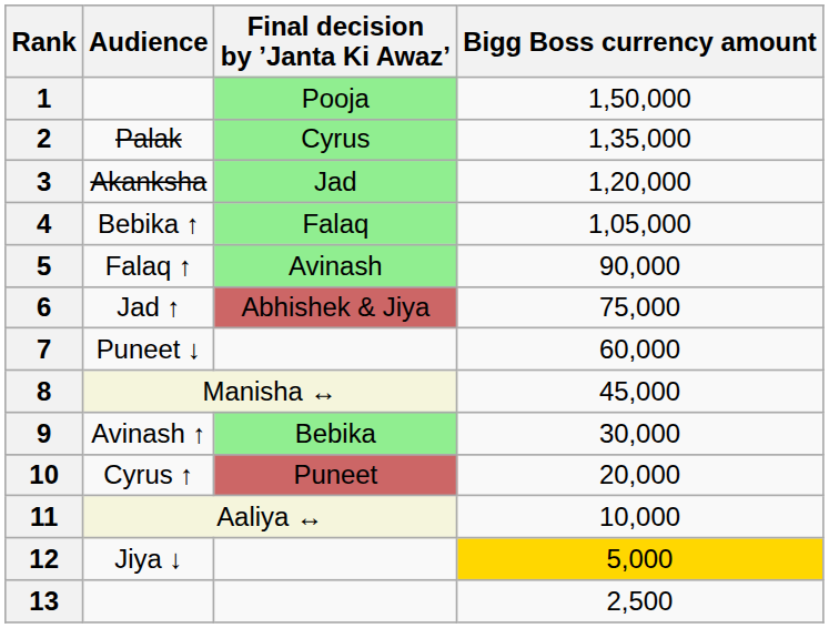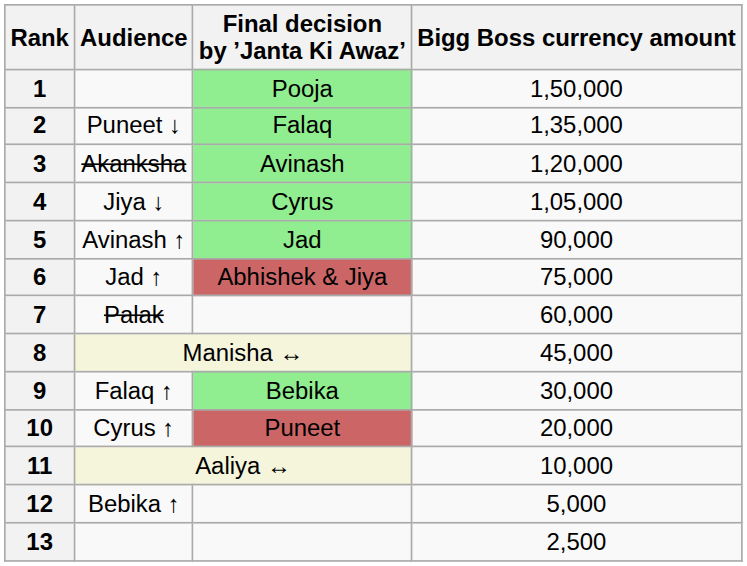 <table class="wikitable" style="text-align:center; font-size:90%;">
 <tr>
 <th>Rank</th>
 <th>Audience</th>
 <th>Final decision<br>by ’Janta Ki Awaz’</th>
 <th>Bigg Boss currency amount</th>
 </tr>
 <tr>
 <th>1</th>
 <td></td>
 <td style="background: lightgreen;">Pooja</td>
 <td>1,50,000</td>
 </tr>
 <tr>
 <th>2</th>
-<td><s>Palak</s></td>
-<td style="background:lightgreen;">Cyrus</td>
+<td>Puneet ↓</td>
+<td style="background:lightgreen;">Falaq</td>
 <td>1,35,000</td>
 </tr>
 <tr>
 <th>3</th>
 <td><s>Akanksha</s></td>
-<td style="background:lightgreen;">Jad</td>
+<td style="background:lightgreen;">Avinash</td>
 <td>1,20,000</td>
 </tr>
 <tr>
 <th>4</th>
-<td>Bebika ↑</td>
-<td style="background:lightgreen;">Falaq</td>
+<td>Jiya ↓</td>
+<td style="background:lightgreen;">Cyrus</td>
 <td>1,05,000</td>
 </tr>
 <tr>
 <th>5</th>
-<td>Falaq ↑</td>
-<td style="background:lightgreen;">Avinash</td>
+<td>Avinash ↑</td>
+<td style="background:lightgreen;">Jad</td>
 <td>90,000</td>
 </tr>
 <tr>
 <th>6</th>
 <td>Jad ↑</td>
 <td style="background:#CC6666;">Abhishek & Jiya</td>
 <td>75,000</td>
 </tr>
 <tr>
 <th>7</th>
-<td>Puneet ↓</td>
+<td><s>Palak</s></td>
 <td></td>
 <td>60,000</td>
 </tr>
 <tr>
 <th>8</th>
 <td colspan="2" style="background:beige;">Manisha ↔</td>
 <td>45,000</td>
 </tr>
 <tr>
 <th>9</th>
-<td>Avinash ↑</td>
+<td>Falaq ↑</td>
 <td style="background:lightgreen;">Bebika</td>
 <td>30,000</td>
 </tr>
 <tr>
 <th>10</th>
 <td>Cyrus ↑</td>
 <td style="background:#CC6666;">Puneet</td>
 <td>20,000</td>
 </tr>
 <tr>
 <th>11</th>
 <td colspan="2" style="background:beige;">Aaliya ↔</td>
 <td>10,000</td>
 </tr>
 <tr>
 <th>12</th>
-<td>Jiya ↓</td>
+<td>Bebika ↑</td>
 <td></td>
-<td style="background: gold;">5,000</td>
+<td>5,000</td>
 </tr>
 <tr>
 <th>13</th>
 <td></td>
 <td></td>
 <td>2,500</td>
 </tr>
 </table>
